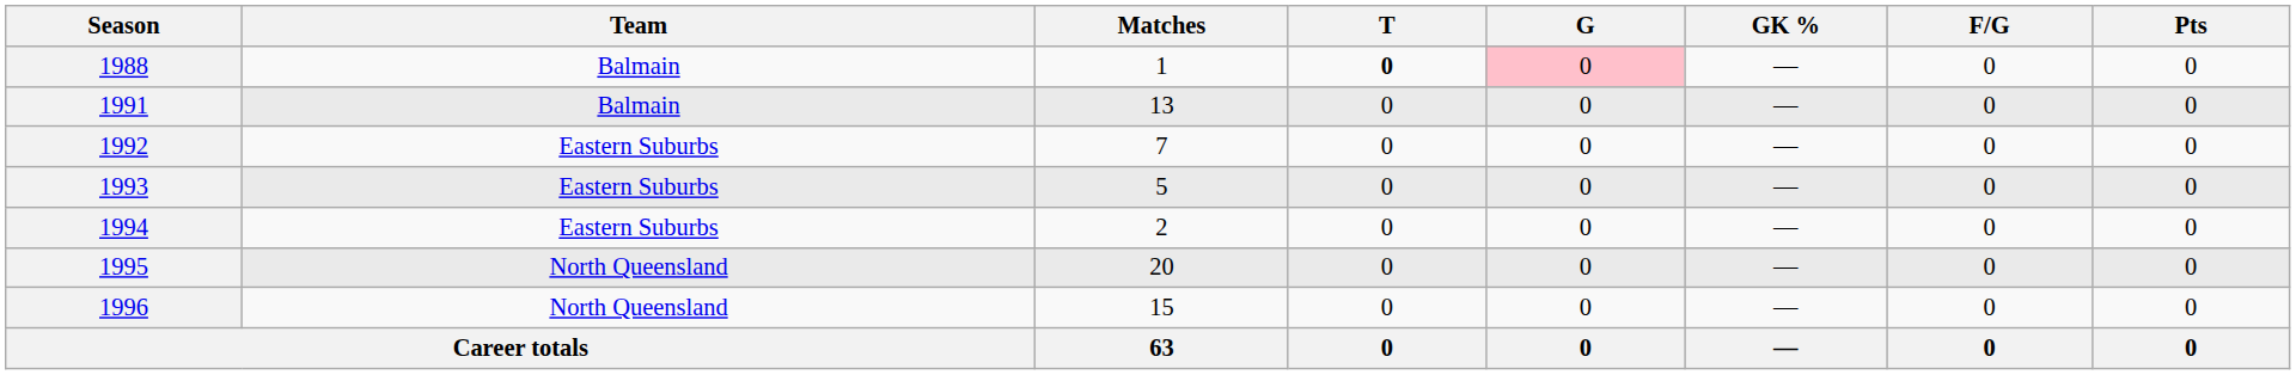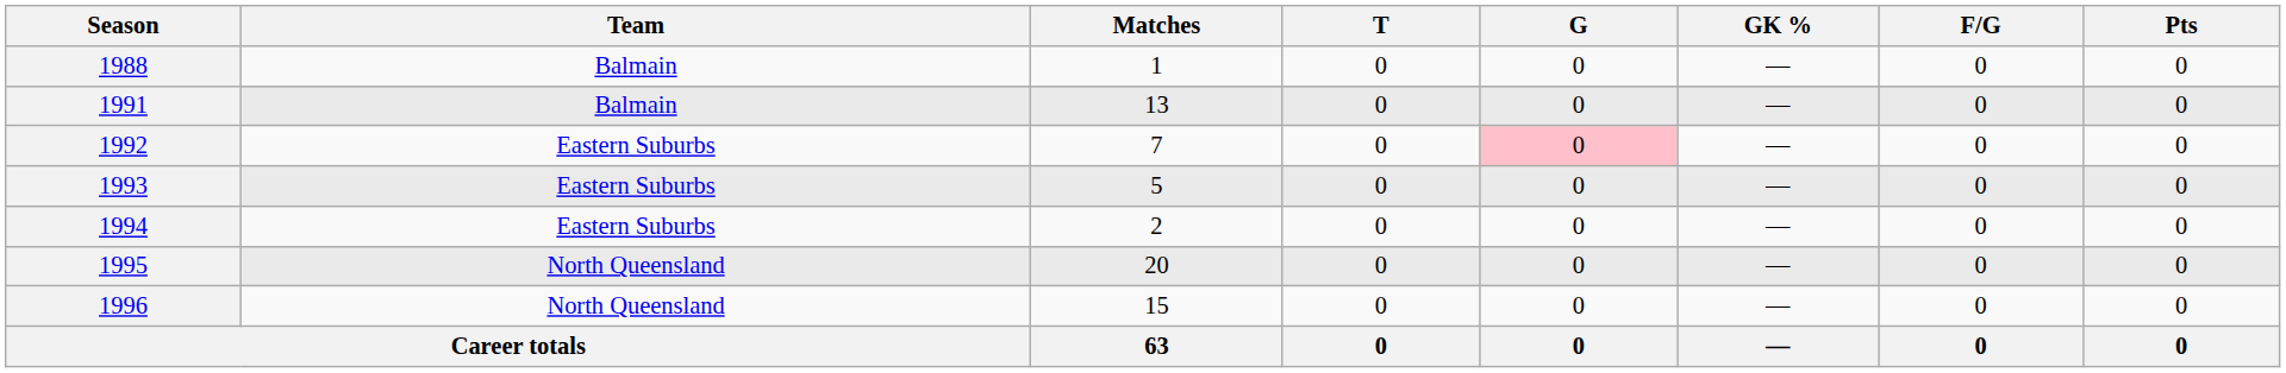 <table class="wikitable sortable"  style="font-size:90%; text-align:center; width:85%;">
 <tr>
 <th width=2%>Season</th>
 <th width=8%>Team</th>
 <th width=2%>Matches</th>
 <th width=2%>T</th>
 <th width=2%>G</th>
 <th width=2%>GK %</th>
 <th width=2%>F/G</th>
 <th width=2%>Pts</th>
 </tr>
 <tr>
 <th scope="row" style="text-align:center; font-weight:normal"><a href='#'>1988</a></th>
 <td style="text-align:center;"> <a href='#'>Balmain</a></td>
 <td>1</td>
-<td><strong>0</strong></td>
-<td style="background: pink;">0</td>
+<td>0</td>
+<td>0</td>
 <td>—</td>
 <td>0</td>
 <td>0</td>
 </tr>
 <tr style="background-color: #EAEAEA">
 <th scope="row" style="text-align:center; font-weight:normal"><a href='#'>1991</a></th>
 <td style="text-align:center;"> <a href='#'>Balmain</a></td>
 <td>13</td>
 <td>0</td>
 <td>0</td>
 <td>—</td>
 <td>0</td>
 <td>0</td>
 </tr>
 <tr>
 <th scope="row" style="text-align:center; font-weight:normal"><a href='#'>1992</a></th>
 <td style="text-align:center;"> <a href='#'>Eastern Suburbs</a></td>
 <td>7</td>
 <td>0</td>
-<td>0</td>
+<td style="background: pink;">0</td>
 <td>—</td>
 <td>0</td>
 <td>0</td>
 </tr>
 <tr style="background-color: #EAEAEA">
 <th scope="row" style="text-align:center; font-weight:normal"><a href='#'>1993</a></th>
 <td style="text-align:center;"> <a href='#'>Eastern Suburbs</a></td>
 <td>5</td>
 <td>0</td>
 <td>0</td>
 <td>—</td>
 <td>0</td>
 <td>0</td>
 </tr>
 <tr>
 <th scope="row" style="text-align:center; font-weight:normal"><a href='#'>1994</a></th>
 <td style="text-align:center;"> <a href='#'>Eastern Suburbs</a></td>
 <td>2</td>
 <td>0</td>
 <td>0</td>
 <td>—</td>
 <td>0</td>
 <td>0</td>
 </tr>
 <tr style="background-color: #EAEAEA">
 <th scope="row" style="text-align:center; font-weight:normal"><a href='#'>1995</a></th>
 <td style="text-align:center;"> <a href='#'>North Queensland</a></td>
 <td>20</td>
 <td>0</td>
 <td>0</td>
 <td>—</td>
 <td>0</td>
 <td>0</td>
 </tr>
 <tr>
 <th scope="row" style="text-align:center; font-weight:normal"><a href='#'>1996</a></th>
 <td style="text-align:center;"> <a href='#'>North Queensland</a></td>
 <td>15</td>
 <td>0</td>
 <td>0</td>
 <td>—</td>
 <td>0</td>
 <td>0</td>
 </tr>
 <tr class="sortbottom">
 <th colspan=2>Career totals</th>
 <th>63</th>
 <th>0</th>
 <th>0</th>
 <th>—</th>
 <th>0</th>
 <th>0</th>
 </tr>
 </table>
